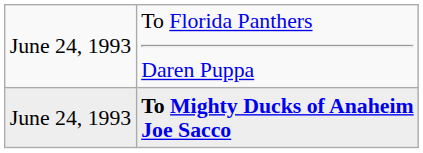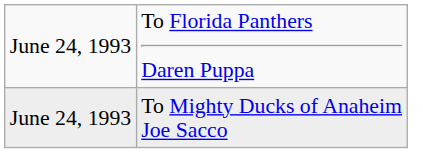 <table class="wikitable">
 <tr>
 <td>June 24, 1993</td>
 <td valign="top">To <a href='#'>Florida Panthers</a><hr><a href='#'>Daren Puppa</a></td>
 </tr>
 <tr bgcolor="#eeeeee">
 <td>June 24, 1993</td>
-<td valign="top"><strong>To <a href='#'>Mighty Ducks of Anaheim</a> <br><a href='#'>Joe Sacco</a></strong></td>
+<td valign="top">To <a href='#'>Mighty Ducks of Anaheim</a> <br><a href='#'>Joe Sacco</a></td>
 </tr>
 </table>
